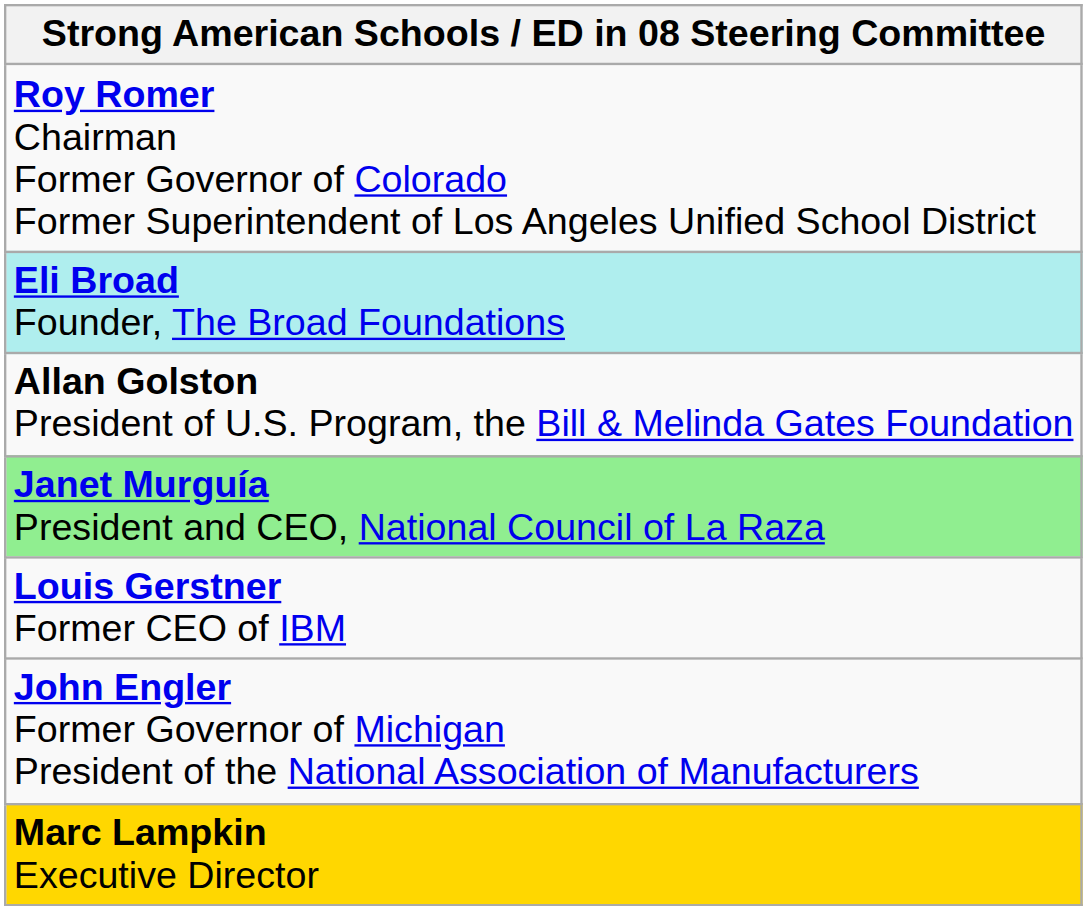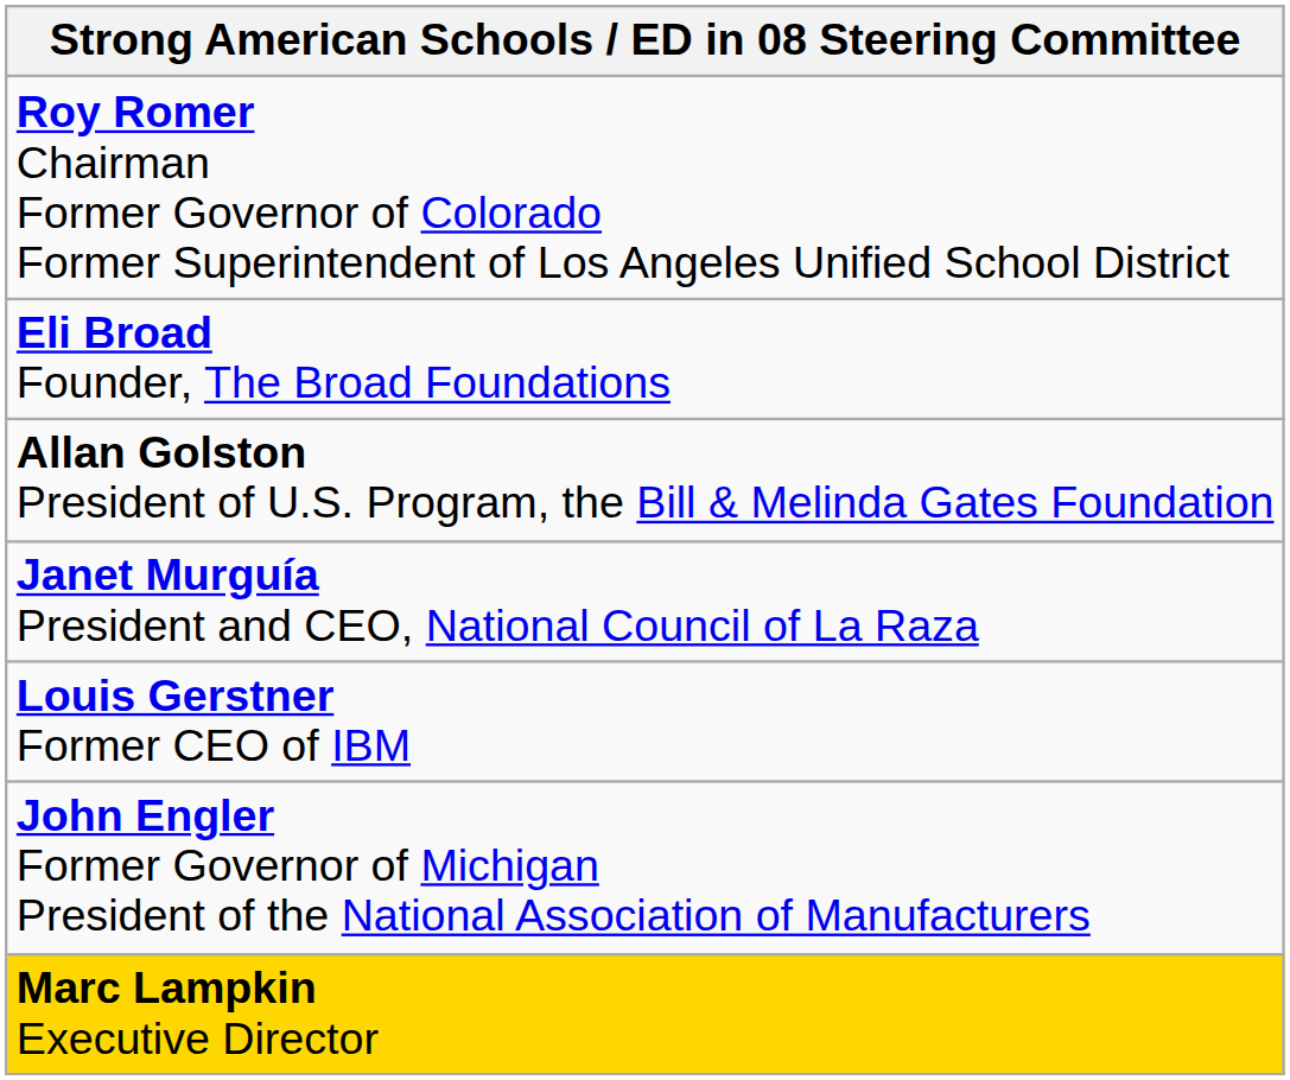 <table class="wikitable">
 <tr>
 <th>Strong American Schools / ED in 08 Steering Committee</th>
 </tr>
 <tr>
 <td><strong><a href='#'>Roy Romer</a></strong><br>Chairman<br>Former Governor of <a href='#'>Colorado</a><br>Former Superintendent of Los Angeles Unified School District</td>
 </tr>
 <tr>
-<td style="background: paleturquoise;"><strong><a href='#'>Eli Broad</a></strong><br>Founder, <a href='#'>The Broad Foundations</a></td>
+<td><strong><a href='#'>Eli Broad</a></strong><br>Founder, <a href='#'>The Broad Foundations</a></td>
 </tr>
 <tr>
 <td><strong>Allan Golston</strong><br>President of U.S. Program, the <a href='#'>Bill & Melinda Gates Foundation</a></td>
 </tr>
 <tr>
-<td style="background: lightgreen;"><strong><a href='#'>Janet Murguía</a></strong><br>President and CEO, <a href='#'>National Council of La Raza</a></td>
+<td><strong><a href='#'>Janet Murguía</a></strong><br>President and CEO, <a href='#'>National Council of La Raza</a></td>
 </tr>
 <tr>
 <td><strong><a href='#'>Louis Gerstner</a></strong><br>Former CEO of <a href='#'>IBM</a></td>
 </tr>
 <tr>
 <td><strong><a href='#'>John Engler</a></strong><br>Former Governor of <a href='#'>Michigan</a><br>President of the <a href='#'>National Association of Manufacturers</a></td>
 </tr>
 <tr>
 <td style="background: gold;"><strong>Marc Lampkin</strong><br>Executive Director</td>
 </tr>
 </table>
